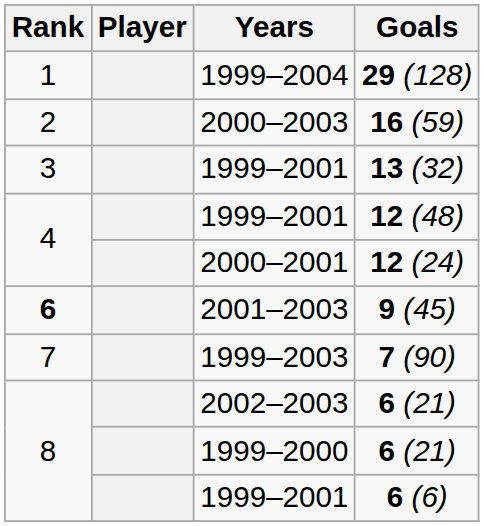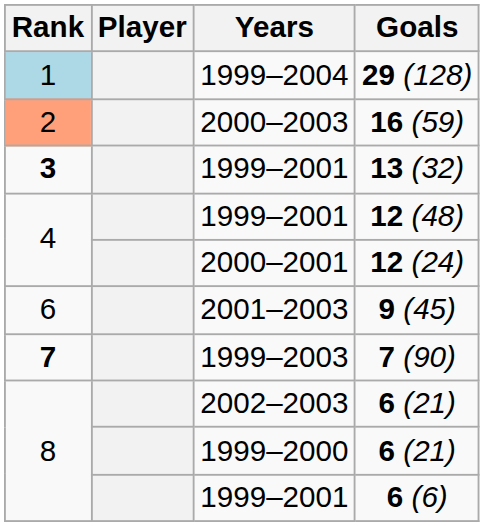 <table class="sortable wikitable plainrowheaders" style="text-align: center;">
 <tr>
 <th scope="col">Rank</th>
 <th scope="col">Player</th>
 <th scope="col">Years</th>
 <th scope="col">Goals</th>
 </tr>
 <tr>
-<td>1</td>
+<td style="background: lightblue;">1</td>
 <th scope="row"> </th>
 <td>1999–2004</td>
 <td><strong>29</strong> <em>(128)</em></td>
 </tr>
 <tr>
-<td>2</td>
+<td style="background: lightsalmon;">2</td>
 <th scope="row"> </th>
 <td>2000–2003</td>
 <td><strong>16</strong> <em>(59)</em></td>
 </tr>
 <tr>
-<td>3</td>
+<td><strong>3</strong></td>
 <th scope="row"> </th>
 <td>1999–2001</td>
 <td><strong>13</strong> <em>(32)</em></td>
 </tr>
 <tr>
 <td rowspan="2">4</td>
 <th scope="row"> </th>
 <td>1999–2001</td>
 <td><strong>12</strong> <em>(48)</em></td>
 </tr>
 <tr>
 <th scope="row"> </th>
 <td>2000–2001</td>
 <td><strong>12</strong> <em>(24)</em></td>
 </tr>
 <tr>
-<td><strong>6</strong></td>
+<td>6</td>
 <th scope="row"> </th>
 <td>2001–2003</td>
 <td><strong>9</strong> <em>(45)</em></td>
 </tr>
 <tr>
-<td>7</td>
+<td><strong>7</strong></td>
 <th scope="row"> </th>
 <td>1999–2003</td>
 <td><strong>7</strong> <em>(90)</em></td>
 </tr>
 <tr>
 <td rowspan="3">8</td>
 <th scope="row"> </th>
 <td>2002–2003</td>
 <td><strong>6</strong> <em>(21)</em></td>
 </tr>
 <tr>
 <th scope="row"> </th>
 <td>1999–2000</td>
 <td><strong>6</strong> <em>(21)</em></td>
 </tr>
 <tr>
 <th scope="row"> </th>
 <td>1999–2001</td>
 <td><strong>6</strong> <em>(6)</em></td>
 </tr>
 </table>
